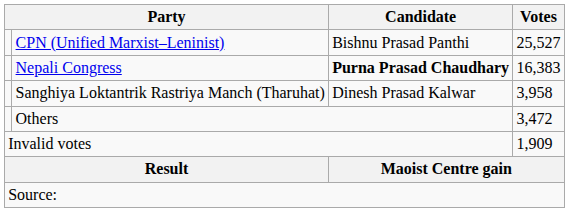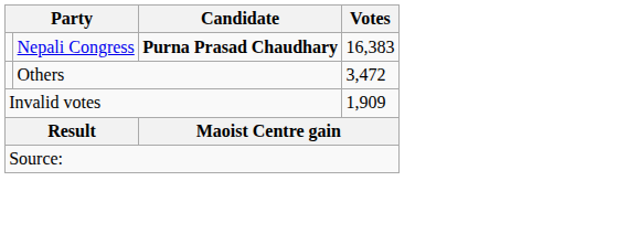 <table class="wikitable">
 <tr>
 <th colspan="2">Party</th>
 <th>Candidate</th>
 <th>Votes</th>
 </tr>
 <tr>
 <td style="background-color:"></td>
-<td><a href='#'>CPN (Unified Marxist–Leninist)</a></td>
-<td>Bishnu Prasad Panthi</td>
-<td>25,527</td>
-</tr>
-<tr>
-<td style="background-color:"></td>
 <td><a href='#'>Nepali Congress</a></td>
 <td><strong>Purna Prasad Chaudhary</strong></td>
 <td>16,383</td>
-</tr>
-<tr>
-<td></td>
-<td>Sanghiya Loktantrik Rastriya Manch (Tharuhat)</td>
-<td>Dinesh Prasad Kalwar</td>
-<td>3,958</td>
 </tr>
 <tr>
 <td></td>
 <td colspan="2">Others</td>
 <td>3,472</td>
 </tr>
 <tr>
 <td colspan="3">Invalid votes</td>
 <td>1,909</td>
 </tr>
 <tr>
 <th colspan="2">Result</th>
 <th colspan="2">Maoist Centre gain</th>
 </tr>
 <tr>
 <td colspan="4">Source: </td>
 </tr>
 </table>
